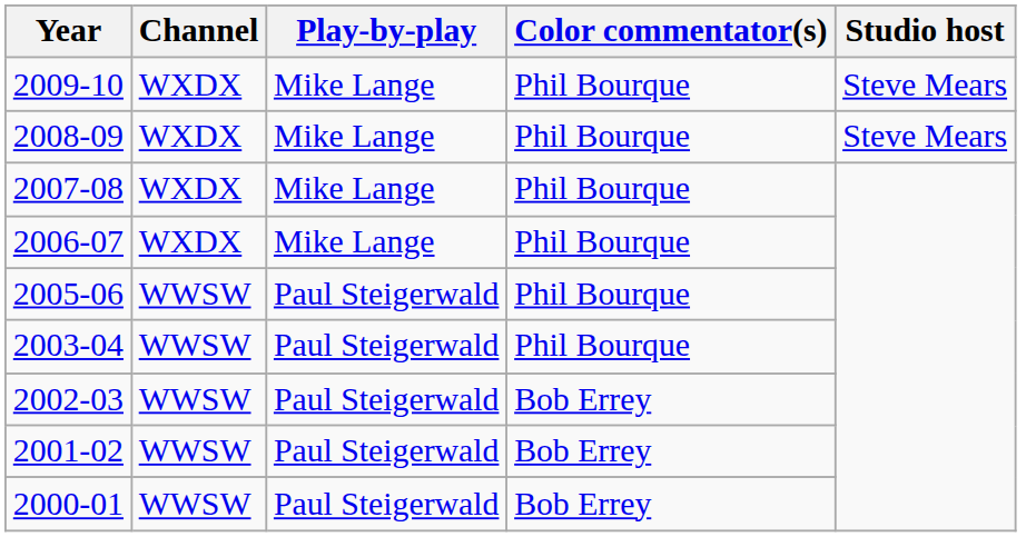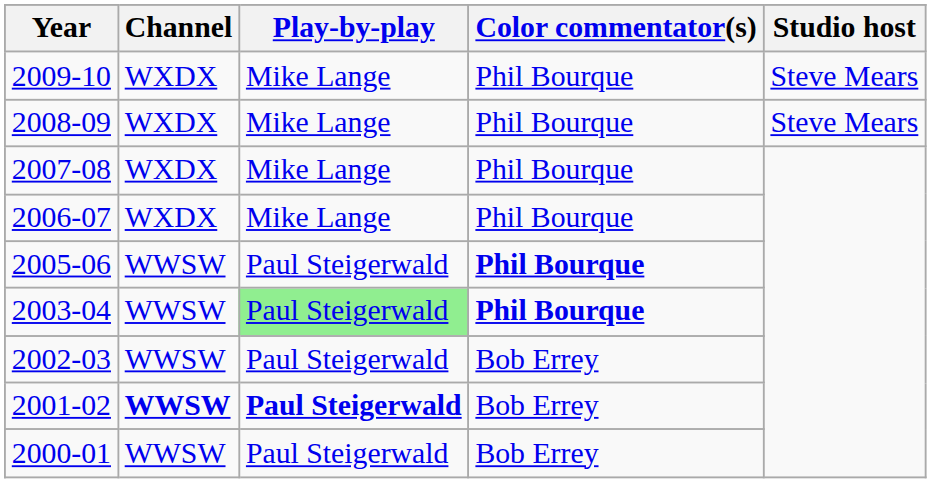 <table class="wikitable">
 <tr>
 <th>Year</th>
 <th>Channel</th>
 <th><a href='#'>Play-by-play</a></th>
 <th><a href='#'>Color commentator</a>(s)</th>
 <th>Studio host</th>
 </tr>
 <tr>
 <td><a href='#'>2009-10</a></td>
 <td><a href='#'>WXDX</a></td>
 <td><a href='#'>Mike Lange</a></td>
 <td><a href='#'>Phil Bourque</a></td>
 <td><a href='#'>Steve Mears</a></td>
 </tr>
 <tr>
 <td><a href='#'>2008-09</a></td>
 <td><a href='#'>WXDX</a></td>
 <td><a href='#'>Mike Lange</a></td>
 <td><a href='#'>Phil Bourque</a></td>
 <td><a href='#'>Steve Mears</a></td>
 </tr>
 <tr>
 <td><a href='#'>2007-08</a></td>
 <td><a href='#'>WXDX</a></td>
 <td><a href='#'>Mike Lange</a></td>
 <td><a href='#'>Phil Bourque</a></td>
 </tr>
 <tr>
 <td><a href='#'>2006-07</a></td>
 <td><a href='#'>WXDX</a></td>
 <td><a href='#'>Mike Lange</a></td>
 <td><a href='#'>Phil Bourque</a></td>
 </tr>
 <tr>
 <td><a href='#'>2005-06</a></td>
 <td><a href='#'>WWSW</a></td>
 <td><a href='#'>Paul Steigerwald</a></td>
-<td><a href='#'>Phil Bourque</a></td>
+<td><strong><a href='#'>Phil Bourque</a></strong></td>
 </tr>
 <tr>
 <td><a href='#'>2003-04</a></td>
 <td><a href='#'>WWSW</a></td>
-<td><a href='#'>Paul Steigerwald</a></td>
-<td><a href='#'>Phil Bourque</a></td>
+<td style="background: lightgreen;"><a href='#'>Paul Steigerwald</a></td>
+<td><strong><a href='#'>Phil Bourque</a></strong></td>
 </tr>
 <tr>
 <td><a href='#'>2002-03</a></td>
 <td><a href='#'>WWSW</a></td>
 <td><a href='#'>Paul Steigerwald</a></td>
 <td><a href='#'>Bob Errey</a></td>
 </tr>
 <tr>
 <td><a href='#'>2001-02</a></td>
-<td><a href='#'>WWSW</a></td>
-<td><a href='#'>Paul Steigerwald</a></td>
+<td><strong><a href='#'>WWSW</a></strong></td>
+<td><strong><a href='#'>Paul Steigerwald</a></strong></td>
 <td><a href='#'>Bob Errey</a></td>
 </tr>
 <tr>
 <td><a href='#'>2000-01</a></td>
 <td><a href='#'>WWSW</a></td>
 <td><a href='#'>Paul Steigerwald</a></td>
 <td><a href='#'>Bob Errey</a></td>
 </tr>
 </table>
